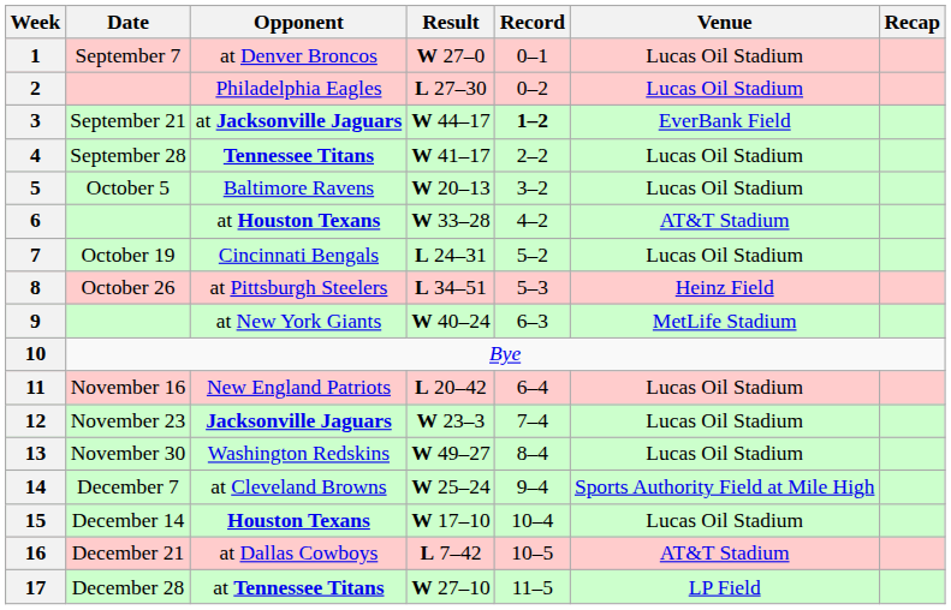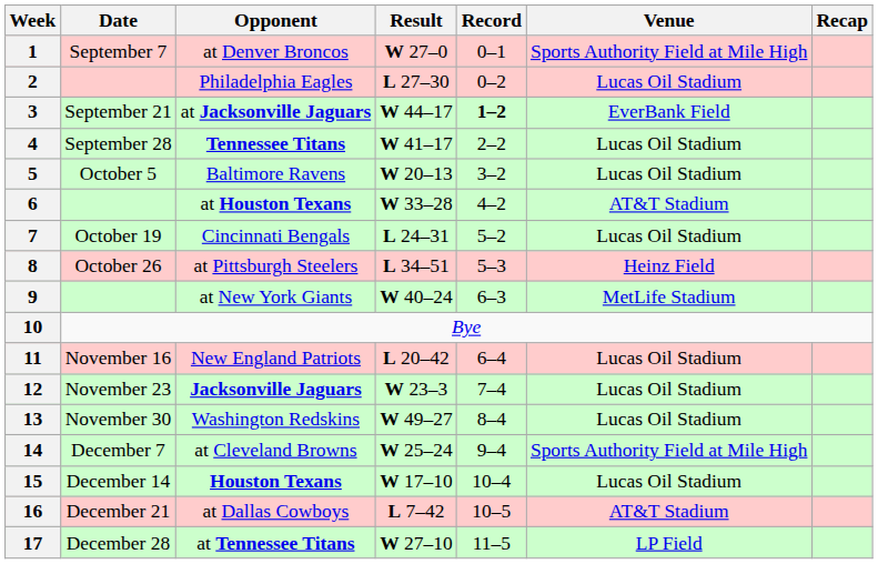 <table class="wikitable" style="text-align:center">
 <tr>
 <th>Week</th>
 <th>Date</th>
 <th>Opponent</th>
 <th>Result</th>
 <th>Record</th>
 <th>Venue</th>
 <th>Recap</th>
 </tr>
 <tr style="background:#fcc">
 <th>1</th>
 <td>September 7</td>
 <td>at <a href='#'>Denver Broncos</a></td>
 <td><strong>W</strong> 27–0</td>
 <td>0–1</td>
-<td>Lucas Oil Stadium</td>
+<td><a href='#'>Sports Authority Field at Mile High</a></td>
 <td></td>
 </tr>
 <tr style="background:#fcc">
 <th>2</th>
 <td></td>
 <td><a href='#'>Philadelphia Eagles</a></td>
 <td><strong>L</strong> 27–30</td>
 <td>0–2</td>
 <td><a href='#'>Lucas Oil Stadium</a></td>
 <td></td>
 </tr>
 <tr style="background:#cfc">
 <th>3</th>
 <td>September 21</td>
 <td>at <strong><a href='#'>Jacksonville Jaguars</a></strong></td>
 <td><strong>W</strong> 44–17</td>
 <td><strong>1–2</strong></td>
 <td><a href='#'>EverBank Field</a></td>
 <td></td>
 </tr>
 <tr style="background:#cfc">
 <th>4</th>
 <td>September 28</td>
 <td><strong><a href='#'>Tennessee Titans</a></strong></td>
 <td><strong>W</strong> 41–17</td>
 <td>2–2</td>
 <td>Lucas Oil Stadium</td>
 <td></td>
 </tr>
 <tr style="background:#cfc">
 <th>5</th>
 <td>October 5</td>
 <td><a href='#'>Baltimore Ravens</a></td>
 <td><strong>W</strong> 20–13</td>
 <td>3–2</td>
 <td>Lucas Oil Stadium</td>
 <td></td>
 </tr>
 <tr style="background:#cfc">
 <th>6</th>
 <td></td>
 <td>at <strong><a href='#'>Houston Texans</a></strong></td>
 <td><strong>W</strong> 33–28</td>
 <td>4–2</td>
 <td><a href='#'>AT&T Stadium</a></td>
 <td></td>
 </tr>
 <tr style="background:#cfc">
 <th>7</th>
 <td>October 19</td>
 <td><a href='#'>Cincinnati Bengals</a></td>
 <td><strong>L</strong> 24–31</td>
 <td>5–2</td>
 <td>Lucas Oil Stadium</td>
 <td></td>
 </tr>
 <tr style="background:#fcc">
 <th>8</th>
 <td>October 26</td>
 <td>at <a href='#'>Pittsburgh Steelers</a></td>
 <td><strong>L</strong> 34–51</td>
 <td>5–3</td>
 <td><a href='#'>Heinz Field</a></td>
 <td></td>
 </tr>
 <tr style="background:#cfc">
 <th>9</th>
 <td></td>
 <td>at <a href='#'>New York Giants</a></td>
 <td><strong>W</strong> 40–24</td>
 <td>6–3</td>
 <td><a href='#'>MetLife Stadium</a></td>
 <td></td>
 </tr>
 <tr>
 <th>10</th>
 <td colspan="6"><em><a href='#'>Bye</a></em></td>
 </tr>
 <tr style="background:#fcc">
 <th>11</th>
 <td>November 16</td>
 <td><a href='#'>New England Patriots</a></td>
 <td><strong>L</strong> 20–42</td>
 <td>6–4</td>
 <td>Lucas Oil Stadium</td>
 <td></td>
 </tr>
 <tr style="background:#cfc">
 <th>12</th>
 <td>November 23</td>
 <td><strong><a href='#'>Jacksonville Jaguars</a></strong></td>
 <td><strong>W</strong> 23–3</td>
 <td>7–4</td>
 <td>Lucas Oil Stadium</td>
 <td></td>
 </tr>
 <tr style="background:#cfc">
 <th>13</th>
 <td>November 30</td>
 <td><a href='#'>Washington Redskins</a></td>
 <td><strong>W</strong> 49–27</td>
 <td>8–4</td>
 <td>Lucas Oil Stadium</td>
 <td></td>
 </tr>
 <tr style="background:#cfc">
 <th>14</th>
 <td>December 7</td>
 <td>at <a href='#'>Cleveland Browns</a></td>
 <td><strong>W</strong> 25–24</td>
 <td>9–4</td>
 <td><a href='#'>Sports Authority Field at Mile High</a></td>
 <td></td>
 </tr>
 <tr style="background:#cfc">
 <th>15</th>
 <td>December 14</td>
 <td><strong><a href='#'>Houston Texans</a></strong></td>
 <td><strong>W</strong> 17–10</td>
 <td>10–4</td>
 <td>Lucas Oil Stadium</td>
 <td></td>
 </tr>
 <tr style="background:#fcc">
 <th>16</th>
 <td>December 21</td>
 <td>at <a href='#'>Dallas Cowboys</a></td>
 <td><strong>L</strong> 7–42</td>
 <td>10–5</td>
 <td><a href='#'>AT&T Stadium</a></td>
 <td></td>
 </tr>
 <tr style="background:#cfc">
 <th>17</th>
 <td>December 28</td>
 <td>at <strong><a href='#'>Tennessee Titans</a></strong></td>
 <td><strong>W</strong> 27–10</td>
 <td>11–5</td>
 <td><a href='#'>LP Field</a></td>
 <td></td>
 </tr>
 </table>
